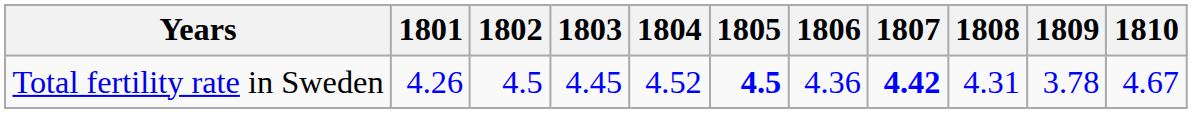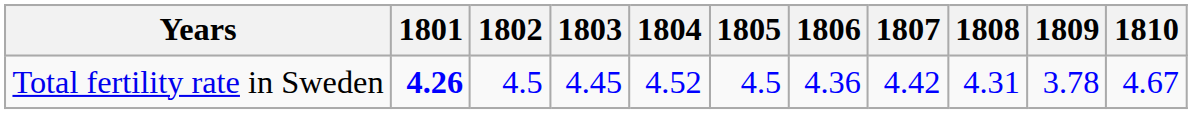 <table class="wikitable " style="text-align:right">
 <tr>
 <th>Years</th>
 <th>1801</th>
 <th>1802</th>
 <th>1803</th>
 <th>1804</th>
 <th>1805</th>
 <th>1806</th>
 <th>1807</th>
 <th>1808</th>
 <th>1809</th>
 <th>1810</th>
 </tr>
 <tr>
 <td style="text-align:left;"><a href='#'>Total fertility rate</a> in Sweden</td>
-<td style="text-align:right; color:blue;">4.26</td>
+<td style="text-align:right; color:blue;"><strong>4.26</strong></td>
 <td style="text-align:right; color:blue;">4.5</td>
 <td style="text-align:right; color:blue;">4.45</td>
 <td style="text-align:right; color:blue;">4.52</td>
-<td style="text-align:right; color:blue;"><strong>4.5</strong></td>
+<td style="text-align:right; color:blue;">4.5</td>
 <td style="text-align:right; color:blue;">4.36</td>
-<td style="text-align:right; color:blue;"><strong>4.42</strong></td>
+<td style="text-align:right; color:blue;">4.42</td>
 <td style="text-align:right; color:blue;">4.31</td>
 <td style="text-align:right; color:blue;">3.78</td>
 <td style="text-align:right; color:blue;">4.67</td>
 </tr>
 </table>
